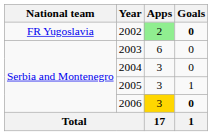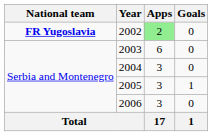 <table class="wikitable" style="text-align:center">
 <tr>
 <th>National team</th>
 <th>Year</th>
 <th>Apps</th>
 <th>Goals</th>
 </tr>
 <tr>
-<td><a href='#'>FR Yugoslavia</a></td>
+<td><strong><a href='#'>FR Yugoslavia</a></strong></td>
 <td>2002</td>
 <td style="background: lightgreen;">2</td>
-<td><strong>0</strong></td>
+<td>0</td>
 </tr>
 <tr>
 <td rowspan="4"><a href='#'>Serbia and Montenegro</a></td>
 <td>2003</td>
 <td>6</td>
 <td>0</td>
 </tr>
 <tr>
 <td>2004</td>
 <td>3</td>
 <td>0</td>
 </tr>
 <tr>
 <td>2005</td>
 <td>3</td>
 <td>1</td>
 </tr>
 <tr>
 <td>2006</td>
-<td style="background: gold;">3</td>
-<td><strong>0</strong></td>
+<td>3</td>
+<td>0</td>
 </tr>
 <tr>
 <th colspan="2">Total</th>
 <th>17</th>
 <th>1</th>
 </tr>
 </table>
